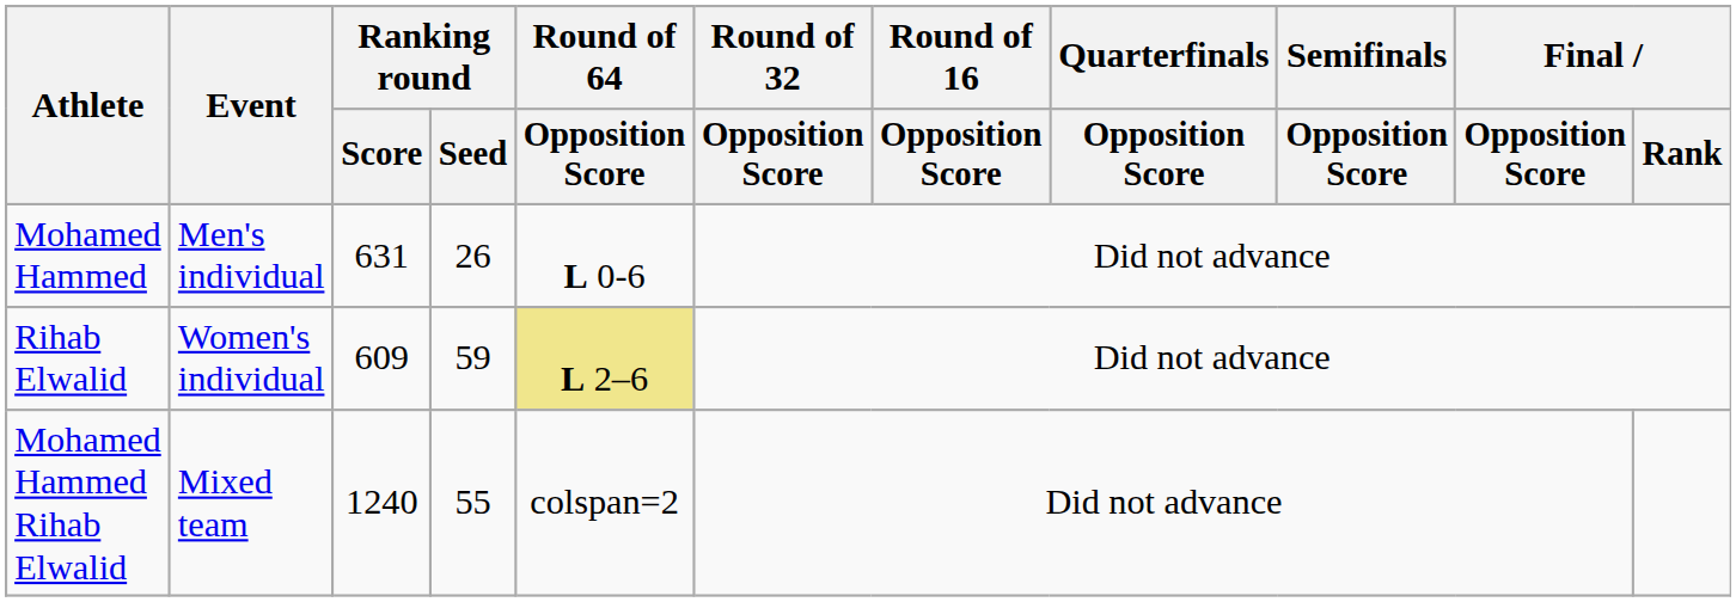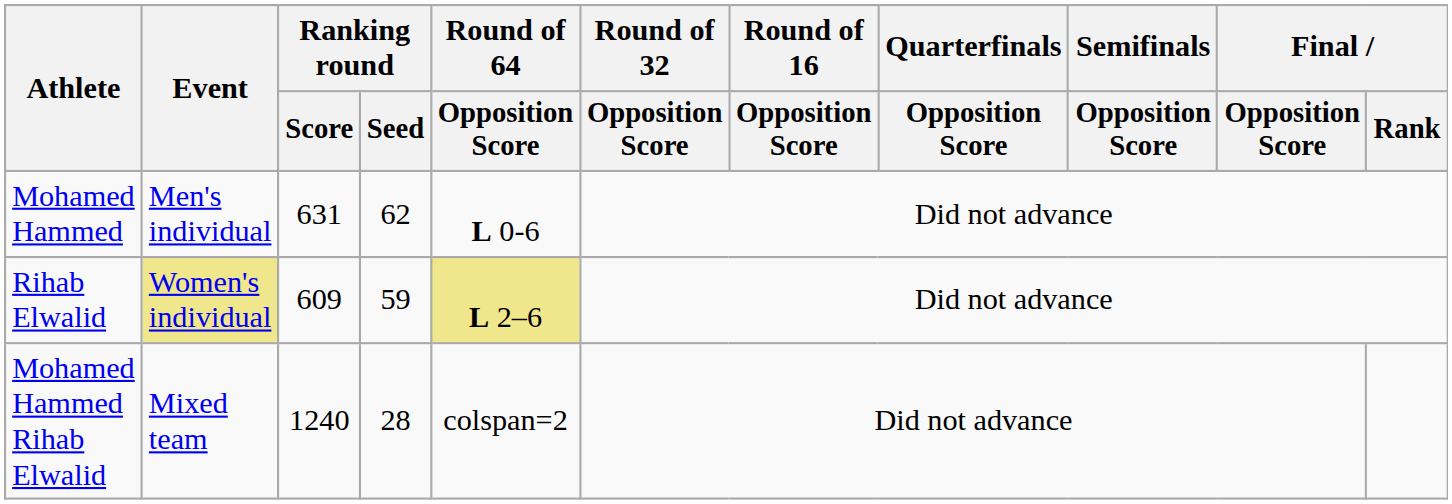 <table class="wikitable" style="font-size:90%">
 <tr>
 <th rowspan=2>Athlete</th>
 <th rowspan=2>Event</th>
 <th colspan="2">Ranking round</th>
 <th>Round of 64</th>
 <th>Round of 32</th>
 <th>Round of 16</th>
 <th>Quarterfinals</th>
 <th>Semifinals</th>
 <th colspan="2">Final / </th>
 </tr>
 <tr style="font-size:95%">
 <th>Score</th>
 <th>Seed</th>
 <th>Opposition<br>Score</th>
 <th>Opposition<br>Score</th>
 <th>Opposition<br>Score</th>
 <th>Opposition<br>Score</th>
 <th>Opposition<br>Score</th>
 <th>Opposition<br>Score</th>
 <th>Rank</th>
 </tr>
 <tr align=center>
 <td align=left><a href='#'>Mohamed Hammed</a></td>
 <td align=left><a href='#'>Men's individual</a></td>
 <td>631</td>
-<td>26</td>
+<td>62</td>
 <td><br> <strong>L</strong> 0-6</td>
 <td colspan=6>Did not advance</td>
 </tr>
 <tr align=center>
 <td align=left><a href='#'>Rihab Elwalid</a></td>
-<td align=left><a href='#'>Women's individual</a></td>
+<td align=left style="background: khaki;"><a href='#'>Women's individual</a></td>
 <td>609</td>
 <td>59</td>
 <td style="background: khaki;"><br><strong>L</strong> 2–6</td>
 <td colspan=6>Did not advance</td>
 </tr>
 <tr align=center>
 <td align=left><a href='#'>Mohamed Hammed</a><br><a href='#'>Rihab Elwalid</a></td>
 <td align=left><a href='#'>Mixed team</a></td>
 <td>1240</td>
-<td>55</td>
+<td>28</td>
 <td>colspan=2 </td>
 <td colspan=5>Did not advance</td>
 </tr>
 </table>
